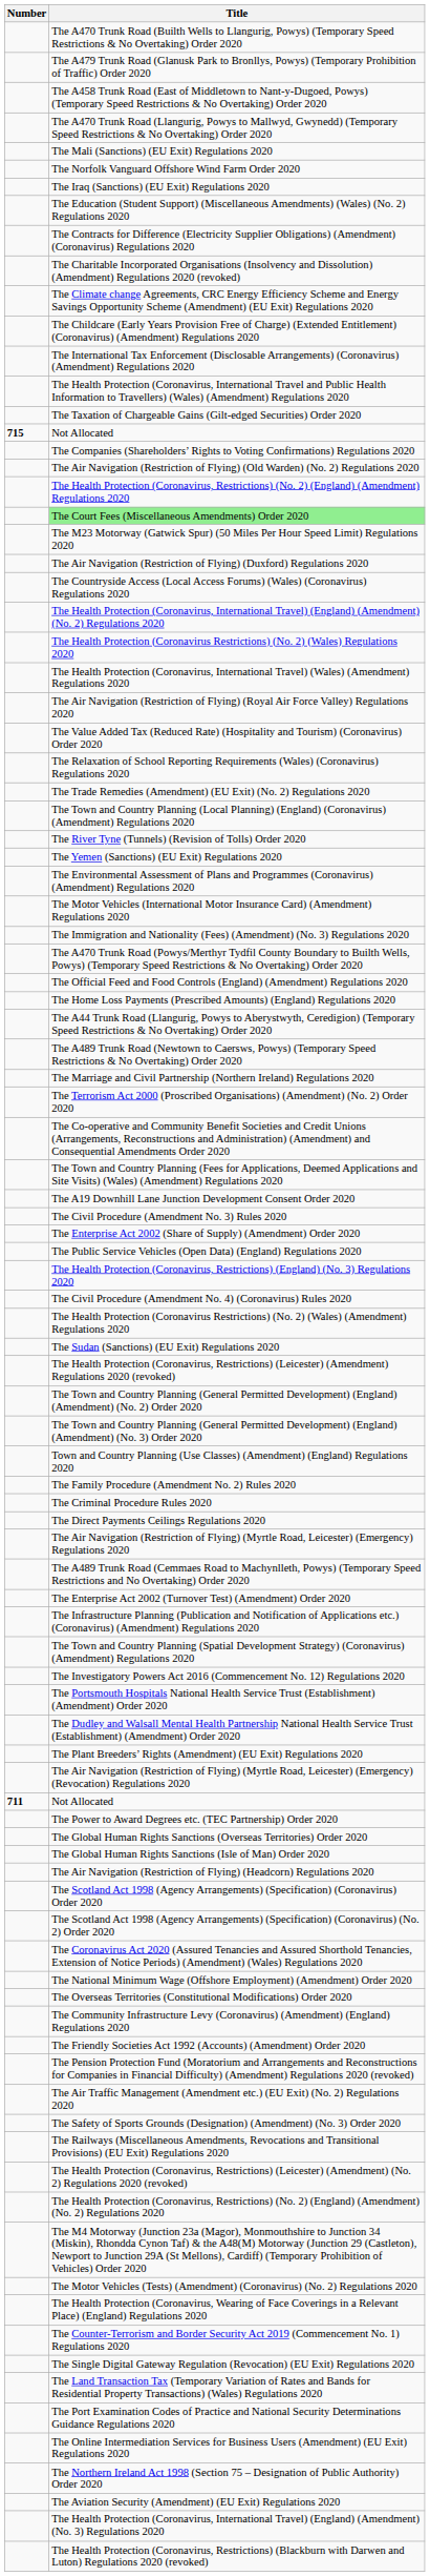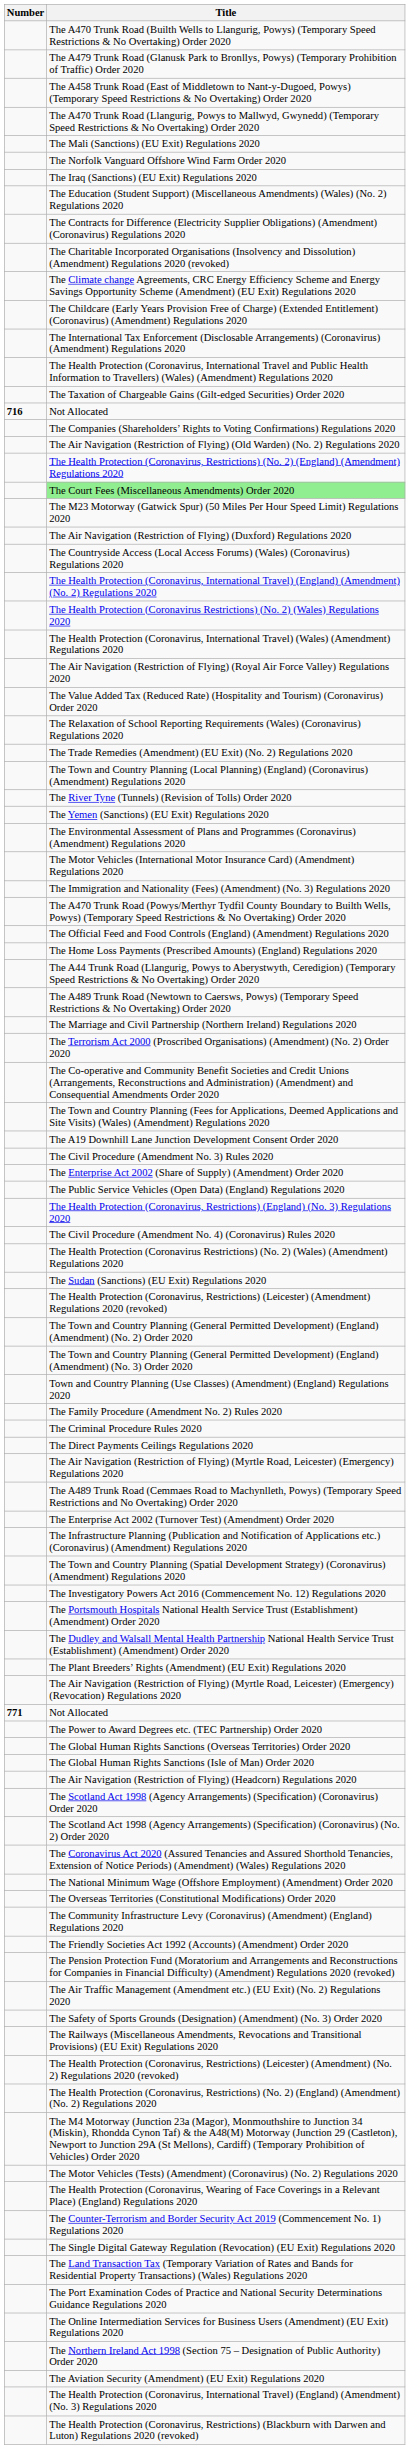 <table class="wikitable collapsible">
 <tr>
 <th>Number</th>
 <th>Title</th>
 </tr>
 <tr>
 <td></td>
 <td>The A470 Trunk Road (Builth Wells to Llangurig, Powys) (Temporary Speed Restrictions & No Overtaking) Order 2020</td>
 </tr>
 <tr>
 <td></td>
 <td>The A479 Trunk Road (Glanusk Park to Bronllys, Powys) (Temporary Prohibition of Traffic) Order 2020</td>
 </tr>
 <tr>
 <td></td>
 <td>The A458 Trunk Road (East of Middletown to Nant-y-Dugoed, Powys) (Temporary Speed Restrictions & No Overtaking) Order 2020</td>
 </tr>
 <tr>
 <td></td>
 <td>The A470 Trunk Road (Llangurig, Powys to Mallwyd, Gwynedd) (Temporary Speed Restrictions & No Overtaking) Order 2020</td>
 </tr>
 <tr>
 <td></td>
 <td>The Mali (Sanctions) (EU Exit) Regulations 2020</td>
 </tr>
 <tr>
 <td></td>
 <td>The Norfolk Vanguard Offshore Wind Farm Order 2020</td>
 </tr>
 <tr>
 <td></td>
 <td>The Iraq (Sanctions) (EU Exit) Regulations 2020</td>
 </tr>
 <tr>
 <td></td>
 <td>The Education (Student Support) (Miscellaneous Amendments) (Wales) (No. 2) Regulations 2020</td>
 </tr>
 <tr>
 <td></td>
 <td>The Contracts for Difference (Electricity Supplier Obligations) (Amendment) (Coronavirus) Regulations 2020</td>
 </tr>
 <tr>
 <td></td>
 <td>The Charitable Incorporated Organisations (Insolvency and Dissolution) (Amendment) Regulations 2020 (revoked)</td>
 </tr>
 <tr>
 <td></td>
 <td>The <a href='#'>Climate change</a> Agreements, CRC Energy Efficiency Scheme and Energy Savings Opportunity Scheme (Amendment) (EU Exit) Regulations 2020</td>
 </tr>
 <tr>
 <td></td>
 <td>The Childcare (Early Years Provision Free of Charge) (Extended Entitlement) (Coronavirus) (Amendment) Regulations 2020</td>
 </tr>
 <tr>
 <td></td>
 <td>The International Tax Enforcement (Disclosable Arrangements) (Coronavirus) (Amendment) Regulations 2020</td>
 </tr>
 <tr>
 <td></td>
 <td>The Health Protection (Coronavirus, International Travel and Public Health Information to Travellers) (Wales) (Amendment) Regulations 2020</td>
 </tr>
 <tr>
 <td></td>
 <td>The Taxation of Chargeable Gains (Gilt-edged Securities) Order 2020</td>
 </tr>
 <tr>
-<td><strong>715</strong></td>
+<td><strong>716</strong></td>
 <td>Not Allocated</td>
 </tr>
 <tr>
 <td></td>
 <td>The Companies (Shareholders’ Rights to Voting Confirmations) Regulations 2020</td>
 </tr>
 <tr>
 <td></td>
 <td>The Air Navigation (Restriction of Flying) (Old Warden) (No. 2) Regulations 2020</td>
 </tr>
 <tr>
 <td></td>
 <td><a href='#'>The Health Protection (Coronavirus, Restrictions) (No. 2) (England) (Amendment) Regulations 2020</a></td>
 </tr>
 <tr>
 <td></td>
 <td style="background: lightgreen;">The Court Fees (Miscellaneous Amendments) Order 2020</td>
 </tr>
 <tr>
 <td></td>
 <td>The M23 Motorway (Gatwick Spur) (50 Miles Per Hour Speed Limit) Regulations 2020</td>
 </tr>
 <tr>
 <td></td>
 <td>The Air Navigation (Restriction of Flying) (Duxford) Regulations 2020</td>
 </tr>
 <tr>
 <td></td>
 <td>The Countryside Access (Local Access Forums) (Wales) (Coronavirus) Regulations 2020</td>
 </tr>
 <tr>
 <td></td>
 <td><a href='#'>The Health Protection (Coronavirus, International Travel) (England) (Amendment) (No. 2) Regulations 2020</a></td>
 </tr>
 <tr>
 <td></td>
 <td><a href='#'>The Health Protection (Coronavirus Restrictions) (No. 2) (Wales) Regulations 2020</a></td>
 </tr>
 <tr>
 <td></td>
 <td>The Health Protection (Coronavirus, International Travel) (Wales) (Amendment) Regulations 2020</td>
 </tr>
 <tr>
 <td></td>
 <td>The Air Navigation (Restriction of Flying) (Royal Air Force Valley) Regulations 2020</td>
 </tr>
 <tr>
 <td></td>
 <td>The Value Added Tax (Reduced Rate) (Hospitality and Tourism) (Coronavirus) Order 2020</td>
 </tr>
 <tr>
 <td></td>
 <td>The Relaxation of School Reporting Requirements (Wales) (Coronavirus) Regulations 2020</td>
 </tr>
 <tr>
 <td></td>
 <td>The Trade Remedies (Amendment) (EU Exit) (No. 2) Regulations 2020</td>
 </tr>
 <tr>
 <td></td>
 <td>The Town and Country Planning (Local Planning) (England) (Coronavirus) (Amendment) Regulations 2020</td>
 </tr>
 <tr>
 <td></td>
 <td>The <a href='#'>River Tyne</a> (Tunnels) (Revision of Tolls) Order 2020</td>
 </tr>
 <tr>
 <td></td>
 <td>The <a href='#'>Yemen</a> (Sanctions) (EU Exit) Regulations 2020</td>
 </tr>
 <tr>
 <td></td>
 <td>The Environmental Assessment of Plans and Programmes (Coronavirus) (Amendment) Regulations 2020</td>
 </tr>
 <tr>
 <td></td>
 <td>The Motor Vehicles (International Motor Insurance Card) (Amendment) Regulations 2020</td>
 </tr>
 <tr>
 <td></td>
 <td>The Immigration and Nationality (Fees) (Amendment) (No. 3) Regulations 2020</td>
 </tr>
 <tr>
 <td></td>
 <td>The A470 Trunk Road (Powys/Merthyr Tydfil County Boundary to Builth Wells, Powys) (Temporary Speed Restrictions & No Overtaking) Order 2020</td>
 </tr>
 <tr>
 <td></td>
 <td>The Official Feed and Food Controls (England) (Amendment) Regulations 2020</td>
 </tr>
 <tr>
 <td></td>
 <td>The Home Loss Payments (Prescribed Amounts) (England) Regulations 2020</td>
 </tr>
 <tr>
 <td></td>
 <td>The A44 Trunk Road (Llangurig, Powys to Aberystwyth, Ceredigion) (Temporary Speed Restrictions & No Overtaking) Order 2020</td>
 </tr>
 <tr>
 <td></td>
 <td>The A489 Trunk Road (Newtown to Caersws, Powys) (Temporary Speed Restrictions & No Overtaking) Order 2020</td>
 </tr>
 <tr>
 <td></td>
 <td>The Marriage and Civil Partnership (Northern Ireland) Regulations 2020</td>
 </tr>
 <tr>
 <td></td>
 <td>The <a href='#'>Terrorism Act 2000</a> (Proscribed Organisations) (Amendment) (No. 2) Order 2020</td>
 </tr>
 <tr>
 <td></td>
 <td>The Co-operative and Community Benefit Societies and Credit Unions (Arrangements, Reconstructions and Administration) (Amendment) and Consequential Amendments Order 2020</td>
 </tr>
 <tr>
 <td></td>
 <td>The Town and Country Planning (Fees for Applications, Deemed Applications and Site Visits) (Wales) (Amendment) Regulations 2020</td>
 </tr>
 <tr>
 <td></td>
 <td>The A19 Downhill Lane Junction Development Consent Order 2020</td>
 </tr>
 <tr>
 <td></td>
 <td>The Civil Procedure (Amendment No. 3) Rules 2020</td>
 </tr>
 <tr>
 <td></td>
 <td>The <a href='#'>Enterprise Act 2002</a> (Share of Supply) (Amendment) Order 2020</td>
 </tr>
 <tr>
 <td></td>
 <td>The Public Service Vehicles (Open Data) (England) Regulations 2020</td>
 </tr>
 <tr>
 <td></td>
 <td><a href='#'>The Health Protection (Coronavirus, Restrictions) (England) (No. 3) Regulations 2020</a></td>
 </tr>
 <tr>
 <td></td>
 <td>The Civil Procedure (Amendment No. 4) (Coronavirus) Rules 2020</td>
 </tr>
 <tr>
 <td></td>
 <td>The Health Protection (Coronavirus Restrictions) (No. 2) (Wales) (Amendment) Regulations 2020</td>
 </tr>
 <tr>
 <td></td>
 <td>The <a href='#'>Sudan</a> (Sanctions) (EU Exit) Regulations 2020</td>
 </tr>
 <tr>
 <td></td>
 <td>The Health Protection (Coronavirus, Restrictions) (Leicester) (Amendment) Regulations 2020 (revoked)</td>
 </tr>
 <tr>
 <td></td>
 <td>The Town and Country Planning (General Permitted Development) (England) (Amendment) (No. 2) Order 2020</td>
 </tr>
 <tr>
 <td></td>
 <td>The Town and Country Planning (General Permitted Development) (England) (Amendment) (No. 3) Order 2020</td>
 </tr>
 <tr>
 <td></td>
 <td>Town and Country Planning (Use Classes) (Amendment) (England) Regulations 2020</td>
 </tr>
 <tr>
 <td></td>
 <td>The Family Procedure (Amendment No. 2) Rules 2020</td>
 </tr>
 <tr>
 <td></td>
 <td>The Criminal Procedure Rules 2020</td>
 </tr>
 <tr>
 <td></td>
 <td>The Direct Payments Ceilings Regulations 2020</td>
 </tr>
 <tr>
 <td></td>
 <td>The Air Navigation (Restriction of Flying) (Myrtle Road, Leicester) (Emergency) Regulations 2020</td>
 </tr>
 <tr>
 <td></td>
 <td>The A489 Trunk Road (Cemmaes Road to Machynlleth, Powys) (Temporary Speed Restrictions and No Overtaking) Order 2020</td>
 </tr>
 <tr>
 <td></td>
 <td>The Enterprise Act 2002 (Turnover Test) (Amendment) Order 2020</td>
 </tr>
 <tr>
 <td></td>
 <td>The Infrastructure Planning (Publication and Notification of Applications etc.) (Coronavirus) (Amendment) Regulations 2020</td>
 </tr>
 <tr>
 <td></td>
 <td>The Town and Country Planning (Spatial Development Strategy) (Coronavirus) (Amendment) Regulations 2020</td>
 </tr>
 <tr>
 <td></td>
 <td>The Investigatory Powers Act 2016 (Commencement No. 12) Regulations 2020</td>
 </tr>
 <tr>
 <td></td>
 <td>The <a href='#'>Portsmouth Hospitals</a> National Health Service Trust (Establishment) (Amendment) Order 2020</td>
 </tr>
 <tr>
 <td></td>
 <td>The <a href='#'>Dudley and Walsall Mental Health Partnership</a> National Health Service Trust (Establishment) (Amendment) Order 2020</td>
 </tr>
 <tr>
 <td></td>
 <td>The Plant Breeders’ Rights (Amendment) (EU Exit) Regulations 2020</td>
 </tr>
 <tr>
 <td></td>
 <td>The Air Navigation (Restriction of Flying) (Myrtle Road, Leicester) (Emergency) (Revocation) Regulations 2020</td>
 </tr>
 <tr>
-<td><strong>711</strong></td>
+<td><strong>771</strong></td>
 <td>Not Allocated</td>
 </tr>
 <tr>
 <td></td>
 <td>The Power to Award Degrees etc. (TEC Partnership) Order 2020</td>
 </tr>
 <tr>
 <td></td>
 <td>The Global Human Rights Sanctions (Overseas Territories) Order 2020</td>
 </tr>
 <tr>
 <td></td>
 <td>The Global Human Rights Sanctions (Isle of Man) Order 2020</td>
 </tr>
 <tr>
 <td></td>
 <td>The Air Navigation (Restriction of Flying) (Headcorn) Regulations 2020</td>
 </tr>
 <tr>
 <td></td>
 <td>The <a href='#'>Scotland Act 1998</a> (Agency Arrangements) (Specification) (Coronavirus) Order 2020</td>
 </tr>
 <tr>
 <td></td>
 <td>The Scotland Act 1998 (Agency Arrangements) (Specification) (Coronavirus) (No. 2) Order 2020</td>
 </tr>
 <tr>
 <td></td>
 <td>The <a href='#'>Coronavirus Act 2020</a> (Assured Tenancies and Assured Shorthold Tenancies, Extension of Notice Periods) (Amendment) (Wales) Regulations 2020</td>
 </tr>
 <tr>
 <td></td>
 <td>The National Minimum Wage (Offshore Employment) (Amendment) Order 2020</td>
 </tr>
 <tr>
 <td></td>
 <td>The Overseas Territories (Constitutional Modifications) Order 2020</td>
 </tr>
 <tr>
 <td></td>
 <td>The Community Infrastructure Levy (Coronavirus) (Amendment) (England) Regulations 2020</td>
 </tr>
 <tr>
 <td></td>
 <td>The Friendly Societies Act 1992 (Accounts) (Amendment) Order 2020</td>
 </tr>
 <tr>
 <td></td>
 <td>The Pension Protection Fund (Moratorium and Arrangements and Reconstructions for Companies in Financial Difficulty) (Amendment) Regulations 2020 (revoked)</td>
 </tr>
 <tr>
 <td></td>
 <td>The Air Traffic Management (Amendment etc.) (EU Exit) (No. 2) Regulations 2020</td>
 </tr>
 <tr>
 <td></td>
 <td>The Safety of Sports Grounds (Designation) (Amendment) (No. 3) Order 2020</td>
 </tr>
 <tr>
 <td></td>
 <td>The Railways (Miscellaneous Amendments, Revocations and Transitional Provisions) (EU Exit) Regulations 2020</td>
 </tr>
 <tr>
 <td></td>
 <td>The Health Protection (Coronavirus, Restrictions) (Leicester) (Amendment) (No. 2) Regulations 2020 (revoked)</td>
 </tr>
 <tr>
 <td></td>
 <td>The Health Protection (Coronavirus, Restrictions) (No. 2) (England) (Amendment) (No. 2) Regulations 2020</td>
 </tr>
 <tr>
 <td></td>
 <td>The M4 Motorway (Junction 23a (Magor), Monmouthshire to Junction 34 (Miskin), Rhondda Cynon Taf) & the A48(M) Motorway (Junction 29 (Castleton), Newport to Junction 29A (St Mellons), Cardiff) (Temporary Prohibition of Vehicles) Order 2020</td>
 </tr>
 <tr>
 <td></td>
 <td>The Motor Vehicles (Tests) (Amendment) (Coronavirus) (No. 2) Regulations 2020</td>
 </tr>
 <tr>
 <td></td>
 <td>The Health Protection (Coronavirus, Wearing of Face Coverings in a Relevant Place) (England) Regulations 2020</td>
 </tr>
 <tr>
 <td></td>
 <td>The <a href='#'>Counter-Terrorism and Border Security Act 2019</a> (Commencement No. 1) Regulations 2020</td>
 </tr>
 <tr>
 <td></td>
 <td>The Single Digital Gateway Regulation (Revocation) (EU Exit) Regulations 2020</td>
 </tr>
 <tr>
 <td></td>
 <td>The <a href='#'>Land Transaction Tax</a> (Temporary Variation of Rates and Bands for Residential Property Transactions) (Wales) Regulations 2020</td>
 </tr>
 <tr>
 <td></td>
 <td>The Port Examination Codes of Practice and National Security Determinations Guidance Regulations 2020</td>
 </tr>
 <tr>
 <td></td>
 <td>The Online Intermediation Services for Business Users (Amendment) (EU Exit) Regulations 2020</td>
 </tr>
 <tr>
 <td></td>
 <td>The <a href='#'>Northern Ireland Act 1998</a> (Section 75 – Designation of Public Authority) Order 2020</td>
 </tr>
 <tr>
 <td></td>
 <td>The Aviation Security (Amendment) (EU Exit) Regulations 2020</td>
 </tr>
 <tr>
 <td></td>
 <td>The Health Protection (Coronavirus, International Travel) (England) (Amendment) (No. 3) Regulations 2020</td>
 </tr>
 <tr>
 <td></td>
 <td>The Health Protection (Coronavirus, Restrictions) (Blackburn with Darwen and Luton) Regulations 2020 (revoked)</td>
 </tr>
 </table>
